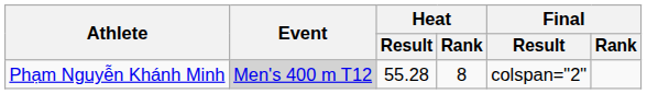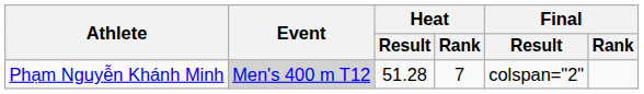 <table class="wikitable" style="font-size:90%">
 <tr>
 <th rowspan="2">Athlete</th>
 <th rowspan="2">Event</th>
 <th colspan="2">Heat</th>
 <th colspan="2">Final</th>
 </tr>
 <tr style="font-size:95%">
 <th>Result</th>
 <th>Rank</th>
 <th>Result</th>
 <th>Rank</th>
 </tr>
 <tr align="center">
 <td align="left" rowspan=5><a href='#'>Phạm Nguyễn Khánh Minh</a></td>
 <td align="left" style="background: lightgrey;"><a href='#'>Men's 400 m T12</a></td>
-<td>55.28</td>
-<td>8</td>
+<td>51.28</td>
+<td>7</td>
 <td>colspan="2" </td>
 </tr>
 </table>
